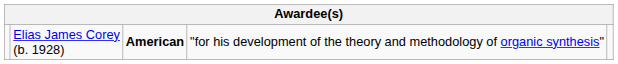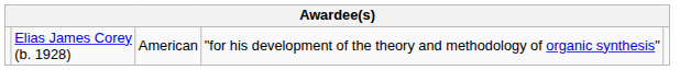 <table class="wikitable">
 <tr>
 <th colspan="5">Awardee(s)</th>
 </tr>
 <tr>
 <td></td>
 <td><a href='#'>Elias James Corey</a><br>(b. 1928)</td>
-<td><strong> American</strong></td>
+<td> American</td>
 <td>"for his development of the theory and methodology of <a href='#'>organic synthesis</a>"</td>
 <td></td>
 </tr>
 </table>
